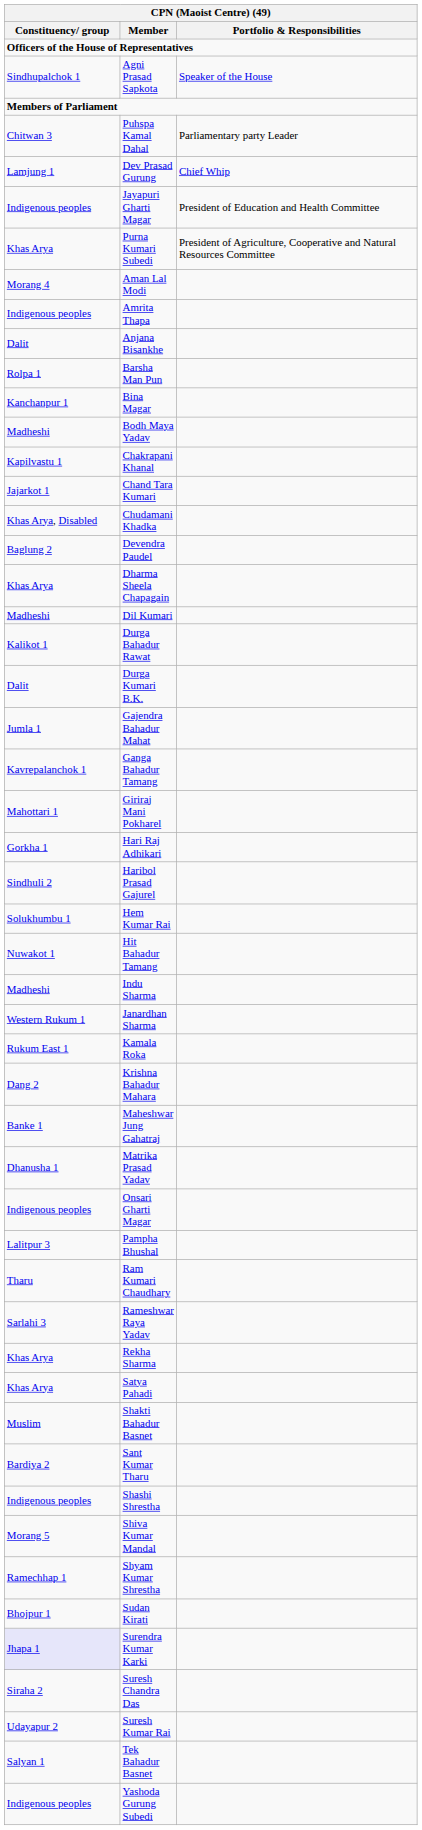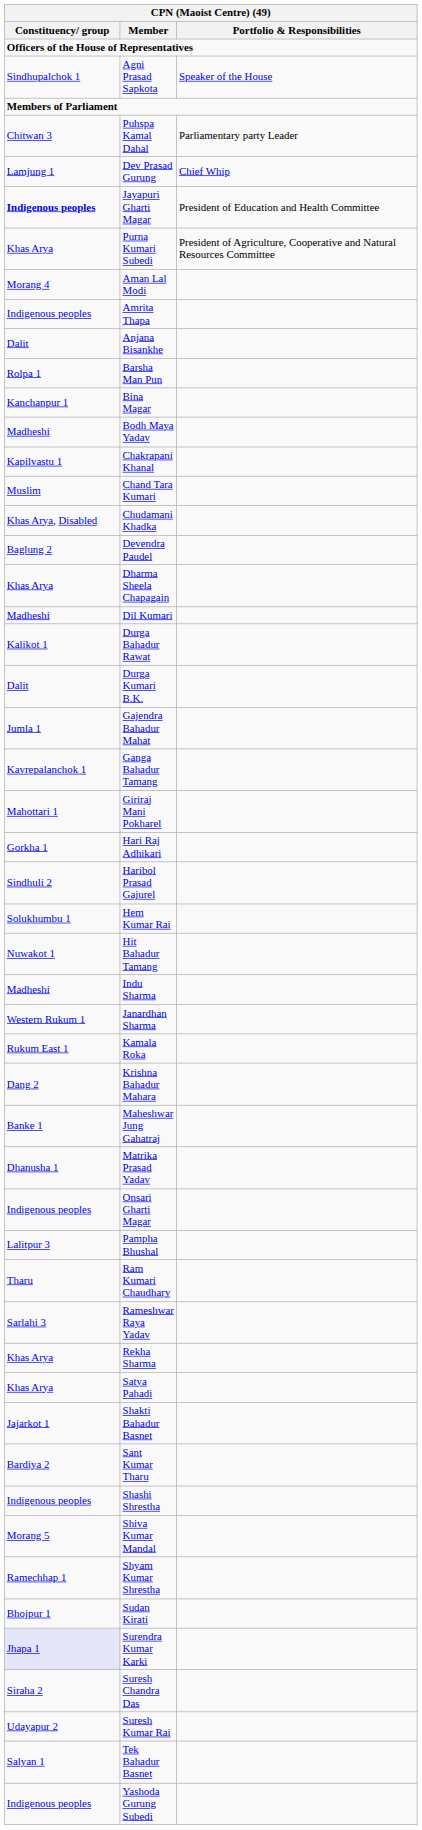 <table class="wikitable sortable mw-collapsible mw-collapsed">
 <tr>
 <th colspan="3" style="width: 700pt; background:">CPN (Maoist Centre) (49)</th>
 </tr>
 <tr>
 <th style="width:150pt;">Constituency/ group</th>
 <th>Member</th>
 <th style="width:375pt;">Portfolio & Responsibilities</th>
 </tr>
 <tr>
 <td colspan="3"><strong>Officers of the House of Representatives</strong></td>
 </tr>
 <tr>
 <td><a href='#'>Sindhupalchok 1</a></td>
 <td><a href='#'>Agni Prasad Sapkota</a></td>
 <td><a href='#'>Speaker of the House</a></td>
 </tr>
 <tr>
 <td colspan="3"><strong>Members of Parliament</strong></td>
 </tr>
 <tr>
 <td><a href='#'>Chitwan 3</a></td>
 <td><a href='#'>Puhspa Kamal Dahal</a></td>
 <td>Parliamentary party Leader</td>
 </tr>
 <tr>
 <td><a href='#'>Lamjung 1</a></td>
 <td><a href='#'>Dev Prasad Gurung</a></td>
 <td><a href='#'>Chief Whip</a></td>
 </tr>
 <tr>
-<td><a href='#'>Indigenous peoples</a></td>
+<td><strong><a href='#'>Indigenous peoples</a></strong></td>
 <td><a href='#'>Jayapuri Gharti Magar</a></td>
 <td>President of Education and Health Committee</td>
 </tr>
 <tr>
 <td><a href='#'>Khas Arya</a></td>
 <td><a href='#'>Purna Kumari Subedi</a></td>
 <td>President of Agriculture, Cooperative and Natural Resources Committee</td>
 </tr>
 <tr>
 <td><a href='#'>Morang 4</a></td>
 <td><a href='#'>Aman Lal Modi</a></td>
 <td></td>
 </tr>
 <tr>
 <td><a href='#'>Indigenous peoples</a></td>
 <td><a href='#'>Amrita Thapa</a></td>
 <td></td>
 </tr>
 <tr>
 <td><a href='#'>Dalit</a></td>
 <td><a href='#'>Anjana Bisankhe</a></td>
 <td></td>
 </tr>
 <tr>
 <td><a href='#'>Rolpa 1</a></td>
 <td><a href='#'>Barsha Man Pun</a></td>
 <td></td>
 </tr>
 <tr>
 <td><a href='#'>Kanchanpur 1</a></td>
 <td><a href='#'>Bina Magar</a></td>
 <td></td>
 </tr>
 <tr>
 <td><a href='#'>Madheshi</a></td>
 <td><a href='#'>Bodh Maya Yadav</a></td>
 <td></td>
 </tr>
 <tr>
 <td><a href='#'>Kapilvastu 1</a></td>
 <td><a href='#'>Chakrapani Khanal</a></td>
 <td></td>
 </tr>
 <tr>
-<td><a href='#'>Jajarkot 1</a></td>
+<td><a href='#'>Muslim</a></td>
 <td><a href='#'>Chand Tara Kumari</a></td>
 <td></td>
 </tr>
 <tr>
 <td><a href='#'>Khas Arya</a>, <a href='#'>Disabled</a></td>
 <td><a href='#'>Chudamani Khadka</a></td>
 <td></td>
 </tr>
 <tr>
 <td><a href='#'>Baglung 2</a></td>
 <td><a href='#'>Devendra Paudel</a></td>
 <td></td>
 </tr>
 <tr>
 <td><a href='#'>Khas Arya</a></td>
 <td><a href='#'>Dharma Sheela Chapagain</a></td>
 <td></td>
 </tr>
 <tr>
 <td><a href='#'>Madheshi</a></td>
 <td><a href='#'>Dil Kumari</a></td>
 <td></td>
 </tr>
 <tr>
 <td><a href='#'>Kalikot 1</a></td>
 <td><a href='#'>Durga Bahadur Rawat</a></td>
 <td></td>
 </tr>
 <tr>
 <td><a href='#'>Dalit</a></td>
 <td><a href='#'>Durga Kumari B.K.</a></td>
 <td></td>
 </tr>
 <tr>
 <td><a href='#'>Jumla 1</a></td>
 <td><a href='#'>Gajendra Bahadur Mahat</a></td>
 <td></td>
 </tr>
 <tr>
 <td><a href='#'>Kavrepalanchok 1</a></td>
 <td><a href='#'>Ganga Bahadur Tamang</a></td>
 <td></td>
 </tr>
 <tr>
 <td><a href='#'>Mahottari 1</a></td>
 <td><a href='#'>Giriraj Mani Pokharel</a></td>
 <td></td>
 </tr>
 <tr>
 <td><a href='#'>Gorkha 1</a></td>
 <td><a href='#'>Hari Raj Adhikari</a></td>
 <td></td>
 </tr>
 <tr>
 <td><a href='#'>Sindhuli 2</a></td>
 <td><a href='#'>Haribol Prasad Gajurel</a></td>
 <td></td>
 </tr>
 <tr>
 <td><a href='#'>Solukhumbu 1</a></td>
 <td><a href='#'>Hem Kumar Rai</a></td>
 <td></td>
 </tr>
 <tr>
 <td><a href='#'>Nuwakot 1</a></td>
 <td><a href='#'>Hit Bahadur Tamang</a></td>
 <td></td>
 </tr>
 <tr>
 <td><a href='#'>Madheshi</a></td>
 <td><a href='#'>Indu Sharma</a></td>
 <td></td>
 </tr>
 <tr>
 <td><a href='#'>Western Rukum 1</a></td>
 <td><a href='#'>Janardhan Sharma</a></td>
 <td></td>
 </tr>
 <tr>
 <td><a href='#'>Rukum East 1</a></td>
 <td><a href='#'>Kamala Roka</a></td>
 <td></td>
 </tr>
 <tr>
 <td><a href='#'>Dang 2</a></td>
 <td><a href='#'>Krishna Bahadur Mahara</a></td>
 <td></td>
 </tr>
 <tr>
 <td><a href='#'>Banke 1</a></td>
 <td><a href='#'>Maheshwar Jung Gahatraj</a></td>
 <td></td>
 </tr>
 <tr>
 <td><a href='#'>Dhanusha 1</a></td>
 <td><a href='#'>Matrika Prasad Yadav</a></td>
 <td></td>
 </tr>
 <tr>
 <td><a href='#'>Indigenous peoples</a></td>
 <td><a href='#'>Onsari Gharti Magar</a></td>
 <td></td>
 </tr>
 <tr>
 <td><a href='#'>Lalitpur 3</a></td>
 <td><a href='#'>Pampha Bhushal</a></td>
 <td></td>
 </tr>
 <tr>
 <td><a href='#'>Tharu</a></td>
 <td><a href='#'>Ram Kumari Chaudhary</a></td>
 <td></td>
 </tr>
 <tr>
 <td><a href='#'>Sarlahi 3</a></td>
 <td><a href='#'>Rameshwar Raya Yadav</a></td>
 <td></td>
 </tr>
 <tr>
 <td><a href='#'>Khas Arya</a></td>
 <td><a href='#'>Rekha Sharma</a></td>
 <td></td>
 </tr>
 <tr>
 <td><a href='#'>Khas Arya</a></td>
 <td><a href='#'>Satya Pahadi</a></td>
 <td></td>
 </tr>
 <tr>
-<td><a href='#'>Muslim</a></td>
+<td><a href='#'>Jajarkot 1</a></td>
 <td><a href='#'>Shakti Bahadur Basnet</a></td>
 <td></td>
 </tr>
 <tr>
 <td><a href='#'>Bardiya 2</a></td>
 <td><a href='#'>Sant Kumar Tharu</a></td>
 <td></td>
 </tr>
 <tr>
 <td><a href='#'>Indigenous peoples</a></td>
 <td><a href='#'>Shashi Shrestha</a></td>
 <td></td>
 </tr>
 <tr>
 <td><a href='#'>Morang 5</a></td>
 <td><a href='#'>Shiva Kumar Mandal</a></td>
 <td></td>
 </tr>
 <tr>
 <td><a href='#'>Ramechhap 1</a></td>
 <td><a href='#'>Shyam Kumar Shrestha</a></td>
 <td></td>
 </tr>
 <tr>
 <td><a href='#'>Bhojpur 1</a></td>
 <td><a href='#'>Sudan Kirati</a></td>
 <td></td>
 </tr>
 <tr>
 <td style="background: lavender;"><a href='#'>Jhapa 1</a></td>
 <td><a href='#'>Surendra Kumar Karki</a></td>
 <td></td>
 </tr>
 <tr>
 <td><a href='#'>Siraha 2</a></td>
 <td><a href='#'>Suresh Chandra Das</a></td>
 <td></td>
 </tr>
 <tr>
 <td><a href='#'>Udayapur 2</a></td>
 <td><a href='#'>Suresh Kumar Rai</a></td>
 <td></td>
 </tr>
 <tr>
 <td><a href='#'>Salyan 1</a></td>
 <td><a href='#'>Tek Bahadur Basnet</a></td>
 <td></td>
 </tr>
 <tr>
 <td><a href='#'>Indigenous peoples</a></td>
 <td><a href='#'>Yashoda Gurung Subedi</a></td>
 <td></td>
 </tr>
 </table>
